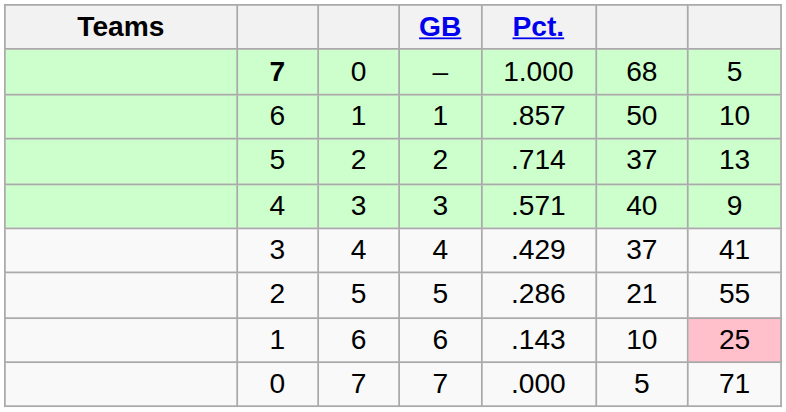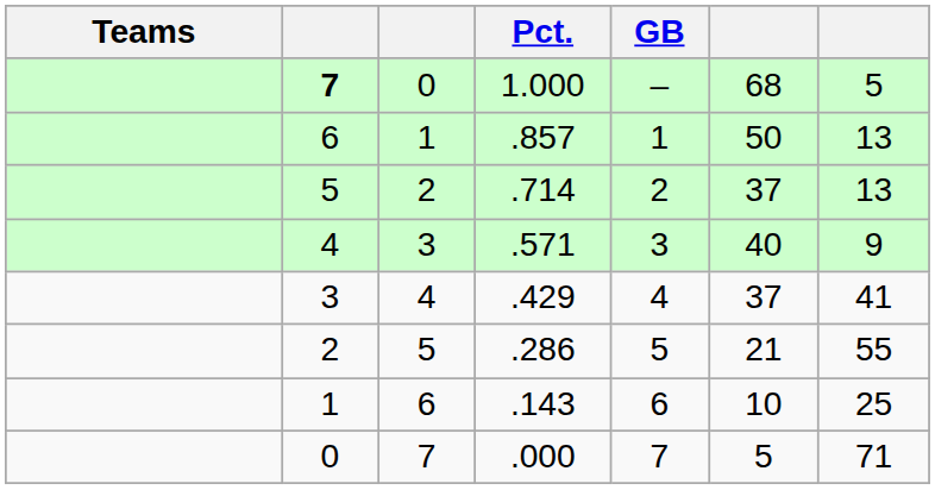 <table class="wikitable" width="50%" style="text-align:center;">
 <tr>
 <th width="20%">Teams</th>
 <th width="7%"></th>
 <th width="7%"></th>
+<th width="8%"><a href='#'>Pct.</a></th>
 <th width="7%"><a href='#'>GB</a></th>
-<th width="8%"><a href='#'>Pct.</a></th>
 <th width="8%"></th>
 <th width="8%"></th>
 </tr>
 <tr bgcolor="#CCFFCC">
 <td align=left></td>
 <td><strong>7</strong></td>
 <td>0</td>
+<td>1.000</td>
 <td>–</td>
-<td>1.000</td>
 <td>68</td>
 <td>5</td>
 </tr>
 <tr bgcolor="#CCFFCC">
 <td align=left></td>
 <td>6</td>
 <td>1</td>
+<td>.857</td>
 <td>1</td>
-<td>.857</td>
 <td>50</td>
-<td>10</td>
+<td>13</td>
 </tr>
 <tr bgcolor="#CCFFCC">
 <td align=left></td>
 <td>5</td>
 <td>2</td>
+<td>.714</td>
 <td>2</td>
-<td>.714</td>
 <td>37</td>
 <td>13</td>
 </tr>
 <tr bgcolor="#CCFFCC">
 <td align=left></td>
 <td>4</td>
 <td>3</td>
+<td>.571</td>
 <td>3</td>
-<td>.571</td>
 <td>40</td>
 <td>9</td>
 </tr>
 <tr>
 <td align=left></td>
 <td>3</td>
 <td>4</td>
+<td>.429</td>
 <td>4</td>
-<td>.429</td>
 <td>37</td>
 <td>41</td>
 </tr>
 <tr>
 <td align=left></td>
 <td>2</td>
 <td>5</td>
+<td>.286</td>
 <td>5</td>
-<td>.286</td>
 <td>21</td>
 <td>55</td>
 </tr>
 <tr>
 <td align=left></td>
 <td>1</td>
 <td>6</td>
+<td>.143</td>
 <td>6</td>
-<td>.143</td>
 <td>10</td>
-<td style="background: pink;">25</td>
+<td>25</td>
 </tr>
 <tr>
 <td align=left></td>
 <td>0</td>
 <td>7</td>
+<td>.000</td>
 <td>7</td>
-<td>.000</td>
 <td>5</td>
 <td>71</td>
 </tr>
 </table>
